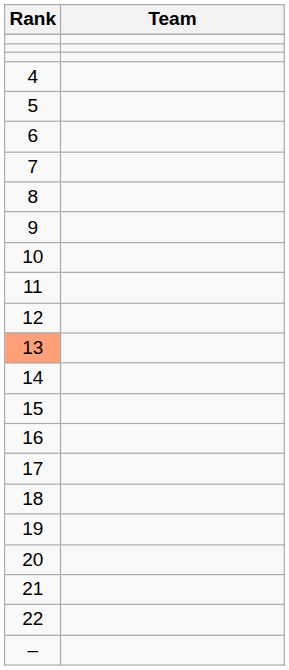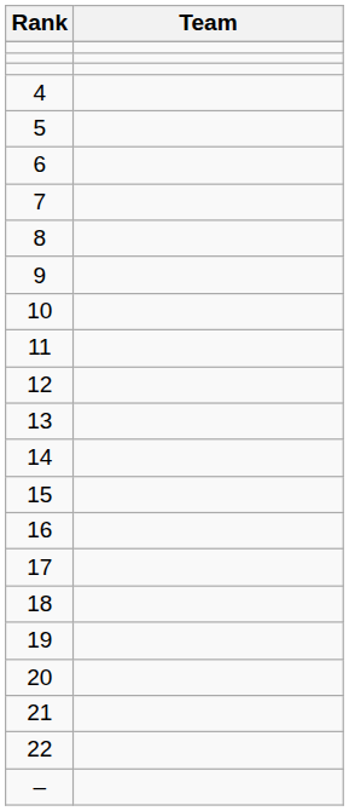 <table class="wikitable" style="text-align:center;">
 <tr>
 <th width=40>Rank</th>
 <th width=180>Team</th>
 </tr>
 <tr>
 </tr>
 <tr>
 <td></td>
 <td style="text-align:left;"></td>
 </tr>
 <tr>
 <td></td>
 <td style="text-align:left;"></td>
 </tr>
 <tr>
 <td></td>
 <td style="text-align:left;"></td>
 </tr>
 <tr>
 <td>4</td>
 <td style="text-align:left;"></td>
 </tr>
 <tr>
 <td>5</td>
 <td style="text-align:left;"></td>
 </tr>
 <tr>
 <td>6</td>
 <td style="text-align:left;"></td>
 </tr>
 <tr>
 <td>7</td>
 <td style="text-align:left;"></td>
 </tr>
 <tr>
 <td>8</td>
 <td style="text-align:left;"></td>
 </tr>
 <tr>
 <td>9</td>
 <td style="text-align:left;"></td>
 </tr>
 <tr>
 <td>10</td>
 <td style="text-align:left;"></td>
 </tr>
 <tr>
 <td>11</td>
 <td style="text-align:left;"></td>
 </tr>
 <tr>
 <td>12</td>
 <td style="text-align:left;"></td>
 </tr>
 <tr>
-<td style="background: lightsalmon;">13</td>
+<td>13</td>
 <td style="text-align:left;"></td>
 </tr>
 <tr>
 <td>14</td>
 <td style="text-align:left;"></td>
 </tr>
 <tr>
 <td>15</td>
 <td style="text-align:left;"></td>
 </tr>
 <tr>
 <td>16</td>
 <td style="text-align:left;"></td>
 </tr>
 <tr>
 <td>17</td>
 <td style="text-align:left;"></td>
 </tr>
 <tr>
 <td>18</td>
 <td style="text-align:left;"></td>
 </tr>
 <tr>
 <td>19</td>
 <td style="text-align:left;"></td>
 </tr>
 <tr>
 <td>20</td>
 <td style="text-align:left;"></td>
 </tr>
 <tr>
 <td>21</td>
 <td style="text-align:left;"></td>
 </tr>
 <tr>
 <td>22</td>
 <td style="text-align:left;"></td>
 </tr>
 <tr>
 <td>–</td>
 <td style="text-align:left;"></td>
 </tr>
 </table>
